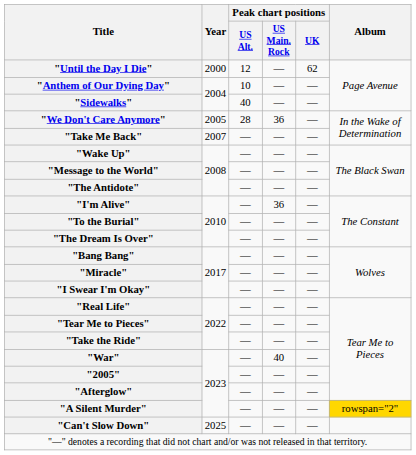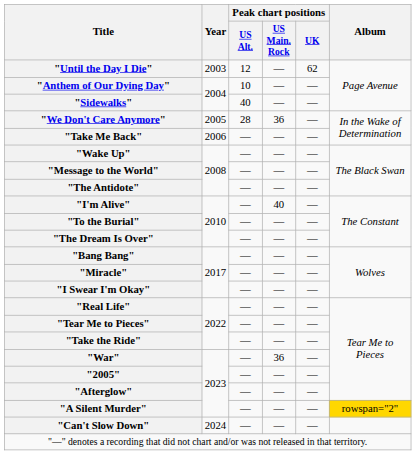 <table class="wikitable plainrowheaders" style="text-align:center;">
 <tr>
 <th scope="col" rowspan="2" style="width:18em;">Title</th>
 <th scope="col" rowspan="2">Year</th>
 <th scope="col" colspan="3">Peak chart positions</th>
 <th scope="col" rowspan="2">Album</th>
 </tr>
 <tr>
 <th scope="col" style="width:3em;font-size:90%;"><a href='#'>US<br>Alt.</a><br></th>
 <th scope="col" style="width:3em;font-size:90%;"><a href='#'>US<br>Main. Rock</a><br></th>
 <th scope="col" style="width:3em;font-size:90%;"><a href='#'>UK</a><br></th>
 </tr>
 <tr>
 <th scope="row">"<a href='#'>Until the Day I Die</a>"</th>
-<td>2000</td>
+<td>2003</td>
 <td>12</td>
 <td>—</td>
 <td>62</td>
 <td rowspan="3"><em>Page Avenue</em></td>
 </tr>
 <tr>
 <th scope="row">"<a href='#'>Anthem of Our Dying Day</a>"</th>
 <td rowspan="2">2004</td>
 <td>10</td>
 <td>—</td>
 <td>—</td>
 </tr>
 <tr>
 <th scope="row">"<a href='#'>Sidewalks</a>"</th>
 <td>40</td>
 <td>—</td>
 <td>—</td>
 </tr>
 <tr>
 <th scope="row">"<a href='#'>We Don't Care Anymore</a>"</th>
 <td>2005</td>
 <td>28</td>
 <td>36</td>
 <td>—</td>
 <td rowspan="2"><em>In the Wake of Determination</em></td>
 </tr>
 <tr>
 <th scope="row">"Take Me Back"</th>
-<td>2007</td>
+<td>2006</td>
 <td>—</td>
 <td>—</td>
 <td>—</td>
 </tr>
 <tr>
 <th scope="row">"Wake Up"</th>
 <td rowspan="3">2008</td>
 <td>—</td>
 <td>—</td>
 <td>—</td>
 <td rowspan="3"><em>The Black Swan</em></td>
 </tr>
 <tr>
 <th scope="row">"Message to the World"</th>
 <td>—</td>
 <td>—</td>
 <td>—</td>
 </tr>
 <tr>
 <th scope="row">"The Antidote"</th>
 <td>—</td>
 <td>—</td>
 <td>—</td>
 </tr>
 <tr>
 <th scope="row">"I'm Alive"</th>
 <td rowspan="3">2010</td>
 <td>—</td>
-<td>36</td>
+<td>40</td>
 <td>—</td>
 <td rowspan="3"><em>The Constant</em></td>
 </tr>
 <tr>
 <th scope="row">"To the Burial"</th>
 <td>—</td>
 <td>—</td>
 <td>—</td>
 </tr>
 <tr>
 <th scope="row">"The Dream Is Over"</th>
 <td>—</td>
 <td>—</td>
 <td>—</td>
 </tr>
 <tr>
 <th scope="row">"Bang Bang"</th>
 <td rowspan="3">2017</td>
 <td>—</td>
 <td>—</td>
 <td>—</td>
 <td rowspan="3"><em>Wolves</em></td>
 </tr>
 <tr>
 <th scope="row">"Miracle"</th>
 <td>—</td>
 <td>—</td>
 <td>—</td>
 </tr>
 <tr>
 <th scope="row">"I Swear I'm Okay"</th>
 <td>—</td>
 <td>—</td>
 <td>—</td>
 </tr>
 <tr>
 <th scope="row">"Real Life"</th>
 <td rowspan="3">2022</td>
 <td>—</td>
 <td>—</td>
 <td>—</td>
 <td rowspan="6"><em>Tear Me to Pieces</em></td>
 </tr>
 <tr>
 <th scope="row">"Tear Me to Pieces"</th>
 <td>—</td>
 <td>—</td>
 <td>—</td>
 </tr>
 <tr>
 <th scope="row">"Take the Ride"</th>
 <td>—</td>
 <td>—</td>
 <td>—</td>
 </tr>
 <tr>
 <th scope="row">"War"</th>
 <td rowspan="4">2023</td>
 <td>—</td>
-<td>40</td>
+<td>36</td>
 <td>—</td>
 </tr>
 <tr>
 <th scope="row">"2005"</th>
 <td>—</td>
 <td>—</td>
 <td>—</td>
 </tr>
 <tr>
 <th scope="row">"Afterglow"</th>
 <td>—</td>
 <td>—</td>
 <td>—</td>
 </tr>
 <tr>
 <th scope="row">"A Silent Murder"</th>
 <td>—</td>
 <td>—</td>
 <td>—</td>
 <td style="background: gold;">rowspan="2" </td>
 </tr>
 <tr>
 <th scope="row">"Can't Slow Down" </th>
-<td>2025</td>
+<td>2024</td>
 <td>—</td>
 <td>—</td>
 <td>—</td>
 </tr>
 <tr>
 <td colspan="6" style="font-size:90%">"—" denotes a recording that did not chart and/or was not released in that territory.</td>
 </tr>
 </table>
